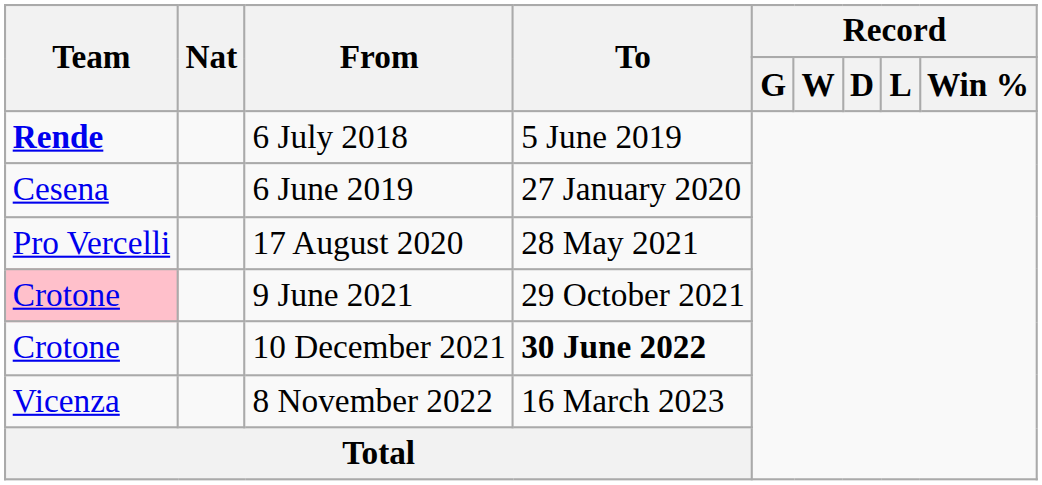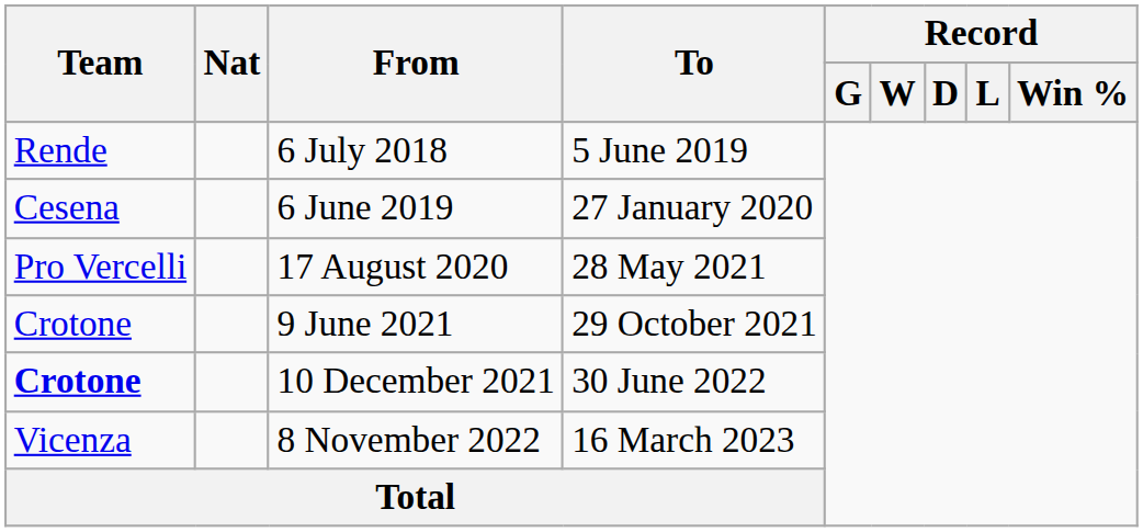 <table class="wikitable" style="text-align: center">
 <tr>
 <th rowspan="2">Team</th>
 <th rowspan="2">Nat</th>
 <th rowspan="2">From</th>
 <th rowspan="2">To</th>
 <th colspan="5">Record</th>
 </tr>
 <tr>
 <th>G</th>
 <th>W</th>
 <th>D</th>
 <th>L</th>
 <th>Win %</th>
 </tr>
 <tr>
-<td align=left><strong><a href='#'>Rende</a></strong></td>
+<td align=left><a href='#'>Rende</a></td>
 <td></td>
 <td align=left>6 July 2018</td>
 <td align=left>5 June 2019<br></td>
 </tr>
 <tr>
 <td align=left><a href='#'>Cesena</a></td>
 <td></td>
 <td align=left>6 June 2019</td>
 <td align=left>27 January 2020<br></td>
 </tr>
 <tr>
 <td align=left><a href='#'>Pro Vercelli</a></td>
 <td></td>
 <td align=left>17 August 2020</td>
 <td align=left>28 May 2021<br></td>
 </tr>
 <tr>
-<td align=left style="background: pink;"><a href='#'>Crotone</a></td>
+<td align=left><a href='#'>Crotone</a></td>
 <td></td>
 <td align=left>9 June 2021</td>
 <td align=left>29 October 2021<br></td>
 </tr>
 <tr>
-<td align=left><a href='#'>Crotone</a></td>
+<td align=left><strong><a href='#'>Crotone</a></strong></td>
 <td></td>
 <td align=left>10 December 2021</td>
-<td align=left><strong>30 June 2022<br></strong></td>
+<td align=left>30 June 2022<br></td>
 </tr>
 <tr>
 <td align=left><a href='#'>Vicenza</a></td>
 <td></td>
 <td align=left>8 November 2022</td>
 <td align=left>16 March 2023<br></td>
 </tr>
 <tr>
 <th colspan="4">Total<br></th>
 </tr>
 </table>
